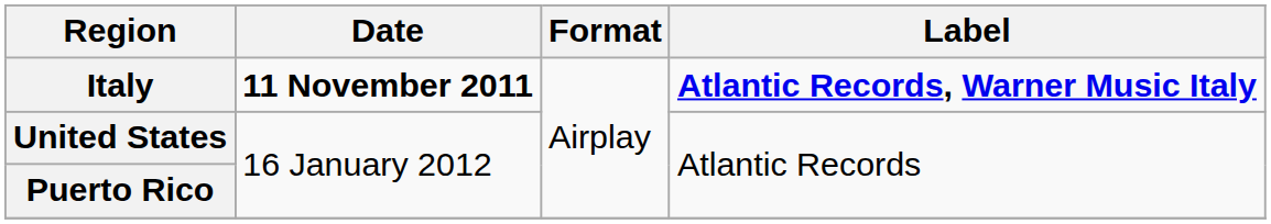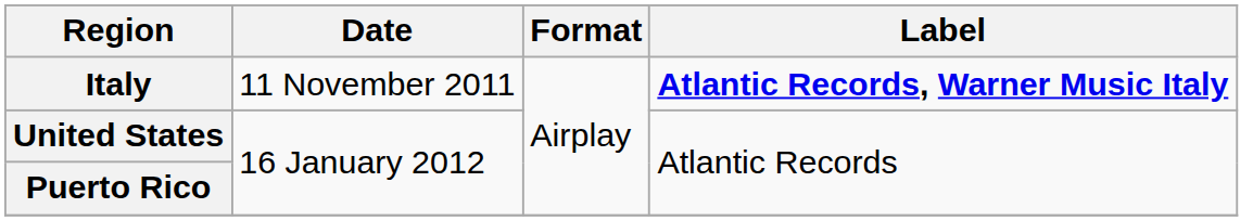 <table class="wikitable plainrowheaders">
 <tr>
 <th>Region</th>
 <th>Date</th>
 <th>Format</th>
 <th>Label</th>
 </tr>
 <tr>
 <th scope="row">Italy</th>
-<td><strong>11 November 2011</strong></td>
+<td>11 November 2011</td>
 <td rowspan="3">Airplay</td>
 <td><strong><a href='#'>Atlantic Records</a>, <a href='#'>Warner Music Italy</a></strong></td>
 </tr>
 <tr>
 <th scope="row">United States</th>
 <td rowspan="2">16 January 2012</td>
 <td rowspan="2">Atlantic Records</td>
 </tr>
 <tr>
 <th scope="row">Puerto Rico</th>
 </tr>
 <tr>
 </tr>
 </table>
